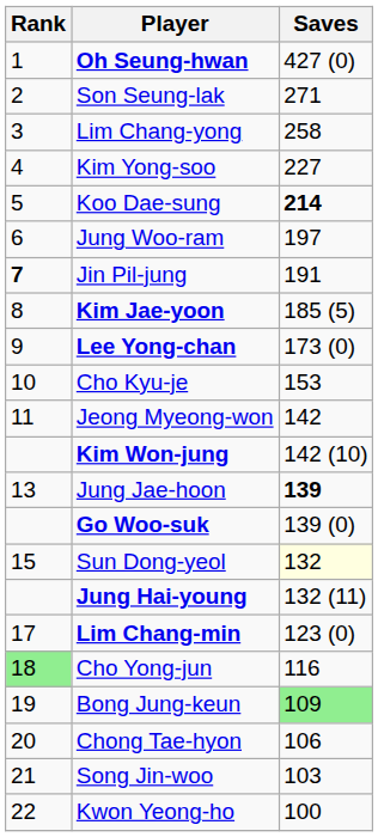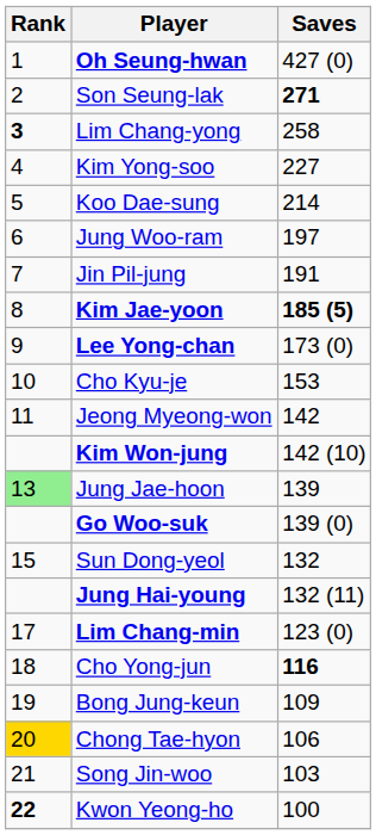 <table class="wikitable" style="float:left;">
 <tr>
 <th>Rank</th>
 <th>Player</th>
 <th>Saves</th>
 </tr>
 <tr>
 <td>1</td>
 <td><strong><a href='#'>Oh Seung-hwan</a></strong></td>
 <td>427 (0)</td>
 </tr>
 <tr>
 <td>2</td>
 <td><a href='#'>Son Seung-lak</a></td>
-<td>271</td>
+<td><strong>271</strong></td>
 </tr>
 <tr>
-<td>3</td>
+<td><strong>3</strong></td>
 <td><a href='#'>Lim Chang-yong</a></td>
 <td>258</td>
 </tr>
 <tr>
 <td>4</td>
 <td><a href='#'>Kim Yong-soo</a></td>
 <td>227</td>
 </tr>
 <tr>
 <td>5</td>
 <td><a href='#'>Koo Dae-sung</a></td>
-<td><strong>214</strong></td>
+<td>214</td>
 </tr>
 <tr>
 <td>6</td>
 <td><a href='#'>Jung Woo-ram</a></td>
 <td>197</td>
 </tr>
 <tr>
-<td><strong>7</strong></td>
+<td>7</td>
 <td><a href='#'>Jin Pil-jung</a></td>
 <td>191</td>
 </tr>
 <tr>
 <td>8</td>
 <td><strong><a href='#'>Kim Jae-yoon</a></strong></td>
-<td>185 (5)</td>
+<td><strong>185 (5)</strong></td>
 </tr>
 <tr>
 <td>9</td>
 <td><strong><a href='#'>Lee Yong-chan</a></strong></td>
 <td>173 (0)</td>
 </tr>
 <tr>
 <td>10</td>
 <td><a href='#'>Cho Kyu-je</a></td>
 <td>153</td>
 </tr>
 <tr>
 <td>11</td>
 <td><a href='#'>Jeong Myeong-won</a></td>
 <td>142</td>
 </tr>
 <tr>
 <td></td>
 <td><strong><a href='#'>Kim Won-jung</a></strong></td>
 <td>142 (10)</td>
 </tr>
 <tr>
-<td>13</td>
+<td style="background: lightgreen;">13</td>
 <td><a href='#'>Jung Jae-hoon</a></td>
-<td><strong>139</strong></td>
+<td>139</td>
 </tr>
 <tr>
 <td></td>
 <td><strong><a href='#'>Go Woo-suk</a></strong></td>
 <td>139 (0)</td>
 </tr>
 <tr>
 <td>15</td>
 <td><a href='#'>Sun Dong-yeol</a></td>
-<td style="background: lightyellow;">132</td>
+<td>132</td>
 </tr>
 <tr>
 <td></td>
 <td><strong><a href='#'>Jung Hai-young</a></strong></td>
 <td>132 (11)</td>
 </tr>
 <tr>
 <td>17</td>
 <td><strong><a href='#'>Lim Chang-min</a></strong></td>
 <td>123 (0)</td>
 </tr>
 <tr>
-<td style="background: lightgreen;">18</td>
+<td>18</td>
 <td><a href='#'>Cho Yong-jun</a></td>
-<td>116</td>
+<td><strong>116</strong></td>
 </tr>
 <tr>
 <td>19</td>
 <td><a href='#'>Bong Jung-keun</a></td>
-<td style="background: lightgreen;">109</td>
+<td>109</td>
 </tr>
 <tr>
-<td>20</td>
+<td style="background: gold;">20</td>
 <td><a href='#'>Chong Tae-hyon</a></td>
 <td>106</td>
 </tr>
 <tr>
 <td>21</td>
 <td><a href='#'>Song Jin-woo</a></td>
 <td>103</td>
 </tr>
 <tr>
-<td>22</td>
+<td><strong>22</strong></td>
 <td><a href='#'>Kwon Yeong-ho</a></td>
 <td>100</td>
 </tr>
 <tr>
 </tr>
 </table>
